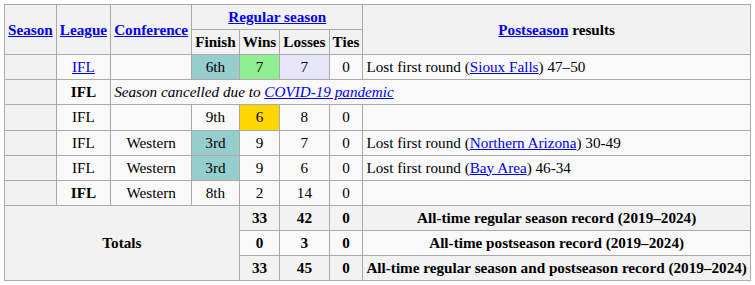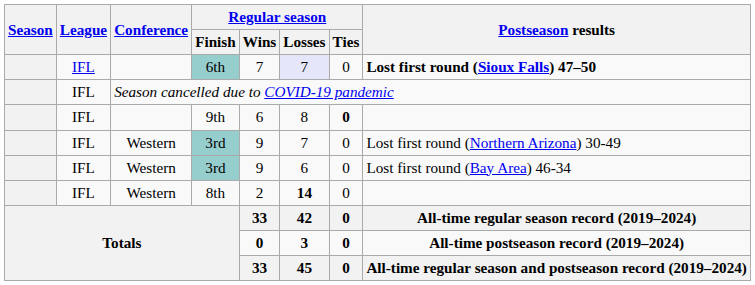 <table class="wikitable" style="text-align:center; font-size: 95%;">
 <tr>
 <th rowspan="2"><a href='#'>Season</a></th>
 <th rowspan="2"><a href='#'>League</a></th>
 <th rowspan="2"><a href='#'>Conference</a></th>
 <th colspan="4"><a href='#'>Regular season</a></th>
 <th rowspan="2"><a href='#'>Postseason</a> results</th>
 </tr>
 <tr>
 <th>Finish</th>
 <th>Wins</th>
 <th>Losses</th>
 <th>Ties</th>
 </tr>
 <tr>
 <th></th>
 <td><a href='#'>IFL</a></td>
 <td></td>
 <td bgcolor="#96cdcd">6th</td>
-<td style="background: lightgreen;">7</td>
+<td>7</td>
 <td style="background: lavender;">7</td>
 <td>0</td>
-<td align="left">Lost first round (<a href='#'>Sioux Falls</a>) 47–50</td>
+<td align="left"><strong>Lost first round (<a href='#'>Sioux Falls</a>) 47–50</strong></td>
 </tr>
 <tr>
 <th></th>
-<td><strong>IFL</strong></td>
+<td>IFL</td>
 <td colspan=6; align=left><em>Season cancelled due to <a href='#'>COVID-19 pandemic</a></em></td>
 </tr>
 <tr>
 <th></th>
 <td>IFL</td>
 <td></td>
 <td>9th</td>
-<td style="background: gold;">6</td>
+<td>6</td>
 <td>8</td>
-<td>0</td>
+<td><strong>0</strong></td>
 <td align="left"></td>
 </tr>
 <tr>
 <th></th>
 <td>IFL</td>
 <td>Western</td>
 <td bgcolor="#96cdcd">3rd</td>
 <td>9</td>
 <td>7</td>
 <td>0</td>
 <td align="left">Lost first round (<a href='#'>Northern Arizona</a>) 30-49</td>
 </tr>
 <tr>
 <th></th>
 <td>IFL</td>
 <td>Western</td>
 <td bgcolor="#96cdcd">3rd</td>
 <td>9</td>
 <td>6</td>
 <td>0</td>
 <td align="left">Lost first round (<a href='#'>Bay Area</a>) 46-34</td>
 </tr>
 <tr>
 <th></th>
-<td><strong>IFL</strong></td>
+<td>IFL</td>
 <td>Western</td>
 <td>8th</td>
 <td>2</td>
-<td>14</td>
+<td><strong>14</strong></td>
 <td>0</td>
 <td align="left"></td>
 </tr>
 <tr>
 <th rowspan="4" colspan="4">Totals</th>
 <th>33</th>
 <th>42</th>
 <th>0</th>
 <th>All-time regular season record (2019–2024)</th>
 </tr>
 <tr>
 <td><strong>0</strong></td>
 <td><strong>3</strong></td>
 <td><strong>0</strong></td>
 <td><strong>All-time postseason record (2019–2024)</strong></td>
 </tr>
 <tr>
 <th>33</th>
 <th>45</th>
 <th>0</th>
 <th>All-time regular season and postseason record (2019–2024)</th>
 </tr>
 </table>
